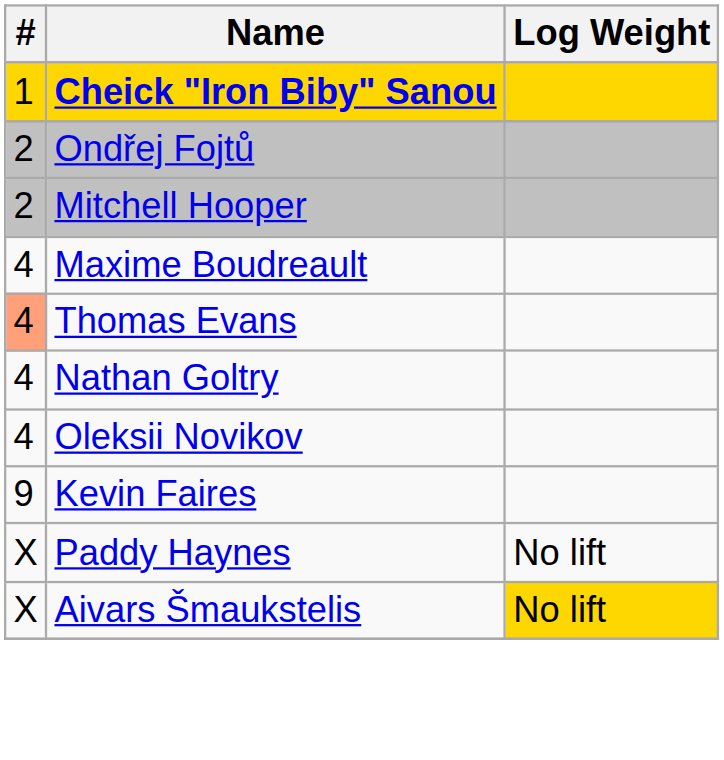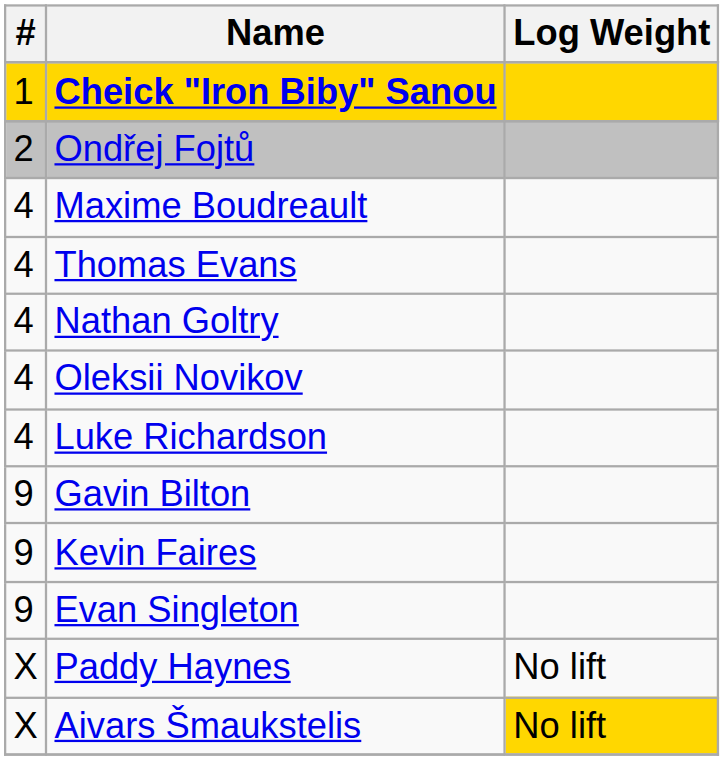 <table class="wikitable" style="display: inline-table">
 <tr>
 <th>#</th>
 <th>Name</th>
 <th>Log Weight</th>
 </tr>
 <tr>
 </tr>
 <tr style="background:gold;">
 <td>1</td>
 <td> <strong><a href='#'>Cheick "Iron Biby" Sanou</a></strong></td>
 <td></td>
 </tr>
 <tr>
 </tr>
 <tr style="background:silver;">
 <td>2</td>
 <td> <a href='#'>Ondřej Fojtů</a></td>
 <td></td>
 </tr>
-<tr style="background:silver;">
-<td>2</td>
-<td> <a href='#'>Mitchell Hooper</a></td>
-<td></td>
-</tr>
 <tr>
 <td>4</td>
 <td> <a href='#'>Maxime Boudreault</a></td>
 <td></td>
 </tr>
 <tr>
-<td style="background: lightsalmon;">4</td>
+<td>4</td>
 <td> <a href='#'>Thomas Evans</a></td>
 <td></td>
 </tr>
 <tr>
 <td>4</td>
 <td> <a href='#'>Nathan Goltry</a></td>
 <td></td>
 </tr>
 <tr>
 <td>4</td>
 <td> <a href='#'>Oleksii Novikov</a></td>
 <td></td>
 </tr>
 <tr>
+<td>4</td>
+<td> <a href='#'>Luke Richardson</a></td>
+<td></td>
+</tr>
+<tr>
+<td>9</td>
+<td> <a href='#'>Gavin Bilton</a></td>
+<td></td>
+</tr>
+<tr>
 <td>9</td>
 <td> <a href='#'>Kevin Faires</a></td>
+<td></td>
+</tr>
+<tr>
+<td>9</td>
+<td> <a href='#'>Evan Singleton</a></td>
 <td></td>
 </tr>
 <tr>
 <td>X</td>
 <td> <a href='#'>Paddy Haynes</a></td>
 <td>No lift</td>
 </tr>
 <tr>
 <td>X</td>
 <td> <a href='#'>Aivars Šmaukstelis</a></td>
 <td style="background: gold;">No lift</td>
 </tr>
 <tr>
 </tr>
 </table>
